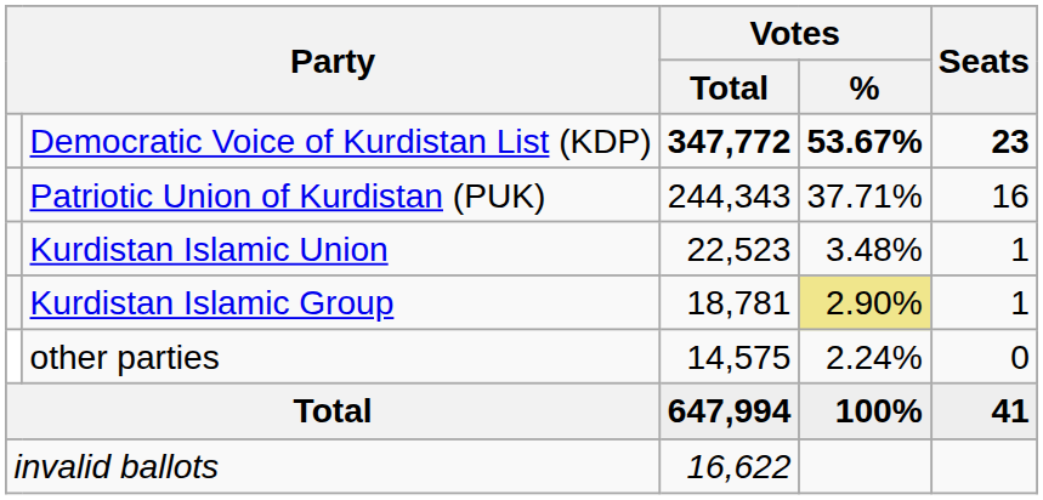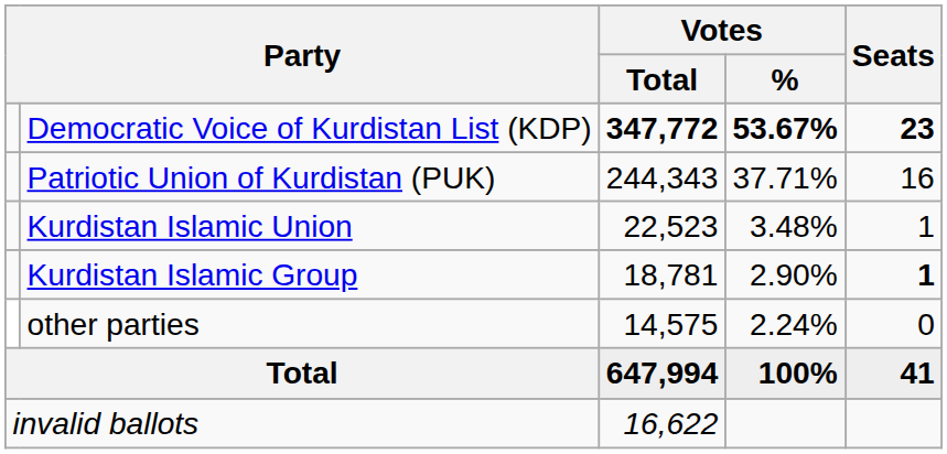 <table class="wikitable sortable" style="font-size:95%">
 <tr style="background-color:#EEE;">
 <th colspan="2" rowspan="2" class="unsortable">Party</th>
 <th colspan="2">Votes</th>
 <th rowspan="2">Seats</th>
 </tr>
 <tr style="background-color:#EEE;">
 <th>Total</th>
 <th>%</th>
 </tr>
 <tr>
 <td></td>
 <td><a href='#'>Democratic Voice of Kurdistan List</a> (KDP)</td>
 <td align="right"><strong>347,772</strong></td>
 <td align="right"><strong>53.67%</strong></td>
 <td align="right"><strong>23</strong></td>
 </tr>
 <tr>
 <td></td>
 <td><a href='#'>Patriotic Union of Kurdistan</a> (PUK)</td>
 <td align="right">244,343</td>
 <td align="right">37.71%</td>
 <td align="right">16</td>
 </tr>
 <tr>
 <td></td>
 <td><a href='#'>Kurdistan Islamic Union</a></td>
 <td align="right">22,523</td>
 <td align="right">3.48%</td>
 <td align="right">1</td>
 </tr>
 <tr>
 <td></td>
 <td><a href='#'>Kurdistan Islamic Group</a></td>
 <td align="right">18,781</td>
-<td align="right" style="background: khaki;">2.90%</td>
-<td align="right">1</td>
+<td align="right">2.90%</td>
+<td align="right"><strong>1</strong></td>
 </tr>
 <tr>
 <td bgcolor="#fff"></td>
 <td>other parties</td>
 <td align="right">14,575</td>
 <td align="right">2.24%</td>
 <td align="right">0</td>
 </tr>
 <tr class="sortbottom" bgcolor="#EEE">
 <th colspan=2>Total</th>
 <td align="right"><strong>647,994</strong></td>
 <td align="right"><strong>100%</strong></td>
 <td align="right"><strong>41</strong></td>
 </tr>
 <tr class="sortbottom">
 <td colspan=2><em>invalid ballots</em></td>
 <td align="right"><em>16,622</em></td>
 <td align="right"></td>
 <td align="right"></td>
 </tr>
 </table>
